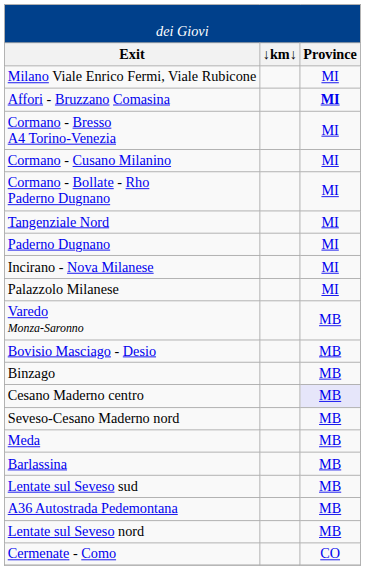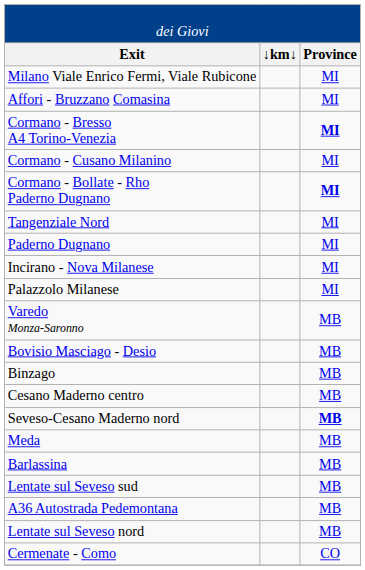 <table class="wikitable">
 <tr align="center" bgcolor="00408B" style="color: white;font-size:100%;">
 <td colspan="5"><br><em>dei Giovi</em><br></td>
 </tr>
 <tr>
 <th>Exit</th>
 <th>↓km↓</th>
 <th>Province</th>
 </tr>
 <tr>
 <td> <a href='#'>Milano</a> Viale Enrico Fermi, Viale Rubicone</td>
 <td align="right"></td>
 <td align="center"><a href='#'>MI</a></td>
 </tr>
 <tr>
 <td> <a href='#'>Affori</a> - <a href='#'>Bruzzano</a>  <a href='#'>Comasina</a></td>
 <td align="right"></td>
-<td align="center"><strong><a href='#'>MI</a></strong></td>
+<td align="center"><a href='#'>MI</a></td>
 </tr>
 <tr>
 <td> <a href='#'>Cormano</a> - <a href='#'>Bresso</a><br> <a href='#'>A4 Torino-Venezia</a></td>
 <td align="right"></td>
-<td align="center"><a href='#'>MI</a></td>
+<td align="center"><strong><a href='#'>MI</a></strong></td>
 </tr>
 <tr>
 <td> <a href='#'>Cormano</a> - <a href='#'>Cusano Milanino</a></td>
 <td align="right"></td>
 <td align="center"><a href='#'>MI</a></td>
 </tr>
 <tr>
 <td>  <a href='#'>Cormano</a> - <a href='#'>Bollate</a> - <a href='#'>Rho</a><br> <a href='#'>Paderno Dugnano</a></td>
 <td align="right"></td>
-<td align="center"><a href='#'>MI</a></td>
+<td align="center"><strong><a href='#'>MI</a></strong></td>
 </tr>
 <tr>
 <td>  <a href='#'>Tangenziale Nord</a></td>
 <td align="right"></td>
 <td align="center"><a href='#'>MI</a></td>
 </tr>
 <tr>
 <td> <a href='#'>Paderno Dugnano</a></td>
 <td align="right"></td>
 <td align="center"><a href='#'>MI</a></td>
 </tr>
 <tr>
 <td> Incirano - <a href='#'>Nova Milanese</a></td>
 <td align="right"></td>
 <td align="center"><a href='#'>MI</a></td>
 </tr>
 <tr>
 <td>  Palazzolo Milanese</td>
 <td align="right"></td>
 <td align="center"><a href='#'>MI</a></td>
 </tr>
 <tr>
 <td> <a href='#'>Varedo</a><br><small> <em>Monza-Saronno</em></small></td>
 <td align="right"></td>
 <td align="center"><a href='#'>MB</a></td>
 </tr>
 <tr>
 <td> <a href='#'>Bovisio Masciago</a> - <a href='#'>Desio</a></td>
 <td align="right"></td>
 <td align="center"><a href='#'>MB</a></td>
 </tr>
 <tr>
 <td> Binzago</td>
 <td align="right"></td>
 <td align="center"><a href='#'>MB</a></td>
 </tr>
 <tr>
 <td> Cesano Maderno centro</td>
 <td align="right"></td>
-<td align="center" style="background: lavender;"><a href='#'>MB</a></td>
+<td align="center"><a href='#'>MB</a></td>
 </tr>
 <tr>
 <td> Seveso-Cesano Maderno nord</td>
 <td align="right"></td>
-<td align="center"><a href='#'>MB</a></td>
+<td align="center"><strong><a href='#'>MB</a></strong></td>
 </tr>
 <tr>
 <td> <a href='#'>Meda</a></td>
 <td align="right"></td>
 <td align="center"><a href='#'>MB</a></td>
 </tr>
 <tr>
 <td> <a href='#'>Barlassina</a></td>
 <td align="right"></td>
 <td align="center"><a href='#'>MB</a></td>
 </tr>
 <tr>
 <td> <a href='#'>Lentate sul Seveso</a> sud</td>
 <td align="right"></td>
 <td align="center"><a href='#'>MB</a></td>
 </tr>
 <tr>
 <td> <a href='#'>A36 Autostrada Pedemontana</a></td>
 <td align="right"></td>
 <td align="center"><a href='#'>MB</a></td>
 </tr>
 <tr>
 <td> <a href='#'>Lentate sul Seveso</a> nord</td>
 <td align="right"></td>
 <td align="center"><a href='#'>MB</a></td>
 </tr>
 <tr>
 <td>  <a href='#'>Cermenate</a> - <a href='#'>Como</a></td>
 <td align="right"></td>
 <td align="center"><a href='#'>CO</a></td>
 </tr>
 <tr>
 </tr>
 </table>
